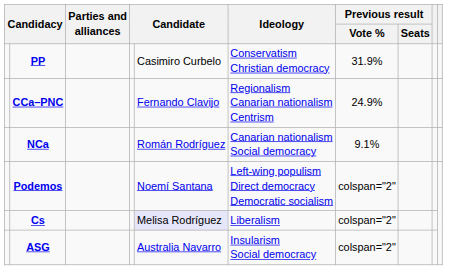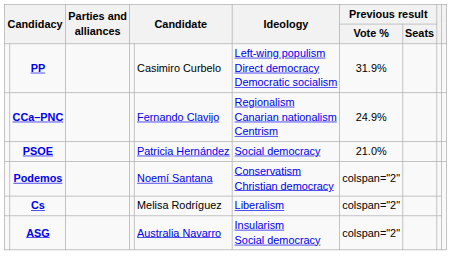 <table class="wikitable" style="line-height:1.35em; text-align:left;">
 <tr>
 <th colspan="2" rowspan="2">Candidacy</th>
 <th rowspan="2">Parties and<br>alliances</th>
 <th colspan="2" rowspan="2">Candidate</th>
 <th rowspan="2">Ideology</th>
 <th colspan="2">Previous result</th>
 <th rowspan="2"></th>
 <th rowspan="2"></th>
 </tr>
 <tr>
 <th>Vote %</th>
 <th>Seats</th>
 </tr>
 <tr>
 <td width="1" style="color:inherit;background:"></td>
 <td align="center"><strong><a href='#'>PP</a></strong></td>
 <td></td>
 <td></td>
 <td>Casimiro Curbelo</td>
-<td><a href='#'>Conservatism</a><br><a href='#'>Christian democracy</a></td>
+<td><a href='#'>Left-wing populism</a><br><a href='#'>Direct democracy</a><br><a href='#'>Democratic socialism</a></td>
 <td align="center">31.9%</td>
 <td></td>
 <td></td>
 <td></td>
 </tr>
 <tr>
 <td style="color:inherit;background:"></td>
 <td align="center"><strong><a href='#'>CCa–PNC</a></strong></td>
 <td></td>
 <td></td>
 <td><a href='#'>Fernando Clavijo</a></td>
 <td><a href='#'>Regionalism</a><br><a href='#'>Canarian nationalism</a><br><a href='#'>Centrism</a></td>
 <td align="center">24.9%</td>
 <td></td>
 <td></td>
 <td></td>
 </tr>
 <tr>
 <td style="color:inherit;background:"></td>
-<td align="center"><strong><a href='#'>NCa</a></strong></td>
+<td align="center"><strong><a href='#'>PSOE</a></strong></td>
 <td></td>
 <td></td>
-<td><a href='#'>Román Rodríguez</a></td>
-<td><a href='#'>Canarian nationalism</a><br><a href='#'>Social democracy</a></td>
-<td align="center">9.1%</td>
+<td><a href='#'>Patricia Hernández</a></td>
+<td><a href='#'>Social democracy</a></td>
+<td align="center">21.0%</td>
 <td></td>
 <td></td>
-<td><br><br></td>
+<td></td>
 </tr>
 <tr>
 <td style="color:inherit;background:"></td>
 <td align="center"><strong><a href='#'>Podemos</a></strong></td>
 <td></td>
 <td></td>
 <td><a href='#'>Noemí Santana</a></td>
-<td><a href='#'>Left-wing populism</a><br><a href='#'>Direct democracy</a><br><a href='#'>Democratic socialism</a></td>
+<td><a href='#'>Conservatism</a><br><a href='#'>Christian democracy</a></td>
 <td>colspan="2" </td>
 <td></td>
 <td></td>
 </tr>
 <tr>
 <td style="color:inherit;background:"></td>
 <td align="center"><strong><a href='#'>Cs</a></strong></td>
 <td></td>
 <td></td>
-<td style="background: lavender;">Melisa Rodríguez</td>
+<td>Melisa Rodríguez</td>
 <td><a href='#'>Liberalism</a></td>
 <td>colspan="2" </td>
 <td></td>
 <td></td>
 </tr>
 <tr>
 <td style="color:inherit;background:"></td>
 <td align="center"><strong><a href='#'>ASG</a></strong></td>
 <td></td>
 <td></td>
 <td><a href='#'>Australia Navarro</a></td>
 <td><a href='#'>Insularism</a><br><a href='#'>Social democracy</a></td>
 <td>colspan="2" </td>
 <td></td>
 <td></td>
 </tr>
 </table>
